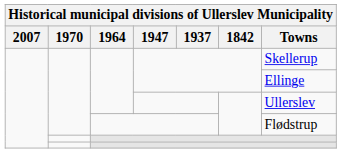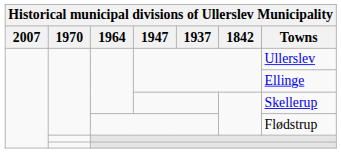 <table class="wikitable" style="margin-left:1em;" style="text-align: center">
 <tr>
 <th colspan="99">Historical municipal divisions of Ullerslev Municipality</th>
 </tr>
 <tr>
 <th>2007</th>
 <th>1970</th>
 <th>1964</th>
 <th>1947</th>
 <th>1937</th>
 <th>1842</th>
 <th>Towns</th>
 </tr>
 <tr>
 <td rowspan="99"></td>
 <td rowspan="4"></td>
 <td rowspan="3"></td>
 <td colspan="3" rowspan="2"></td>
-<td><a href='#'>Skellerup</a></td>
+<td><a href='#'>Ullerslev</a></td>
 </tr>
 <tr>
 <td><a href='#'>Ellinge</a></td>
 </tr>
 <tr>
 <td colspan="2"></td>
 <td rowspan="2"></td>
-<td><a href='#'>Ullerslev</a></td>
+<td><a href='#'>Skellerup</a></td>
 </tr>
 <tr>
 <td colspan="3"></td>
 <td>Flødstrup</td>
 </tr>
 <tr>
 <td></td>
 <td colspan="5" style="background:#E5E5E5;"></td>
 </tr>
 <tr>
 <td></td>
 <td colspan="5" style="background:#E5E5E5;"></td>
 </tr>
 </table>
